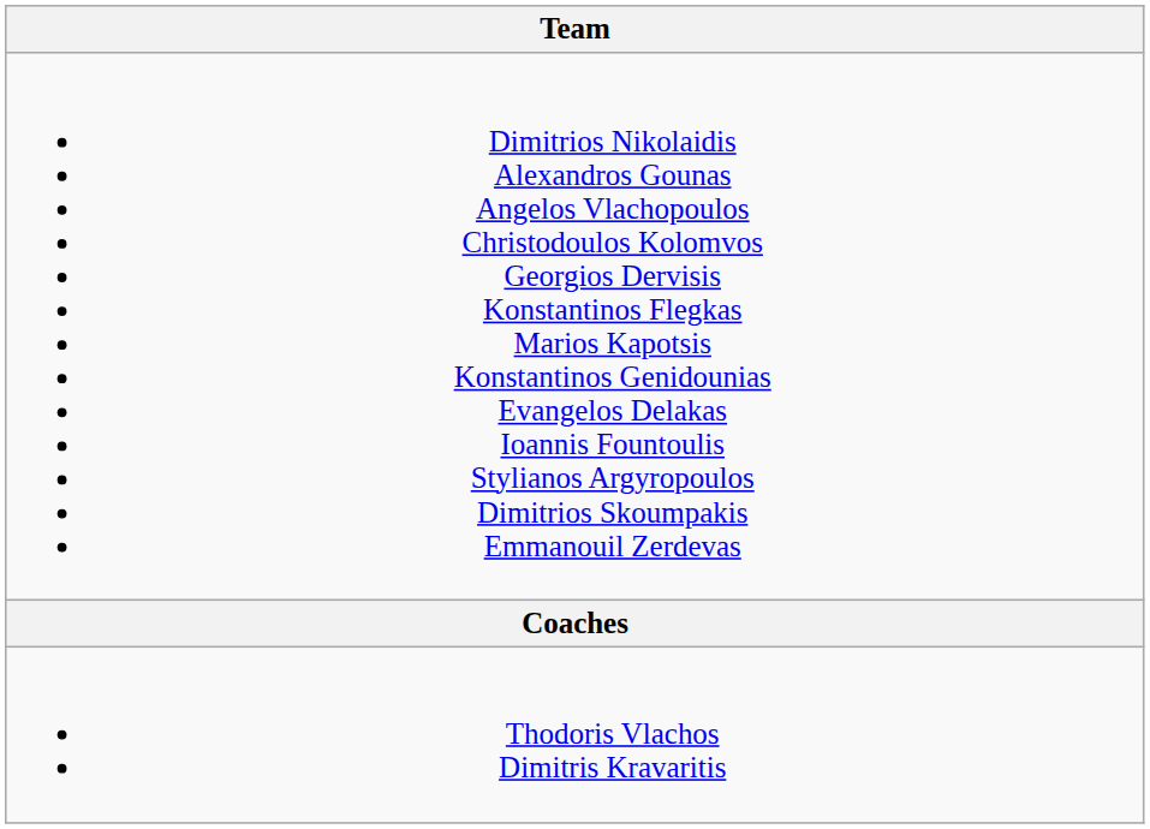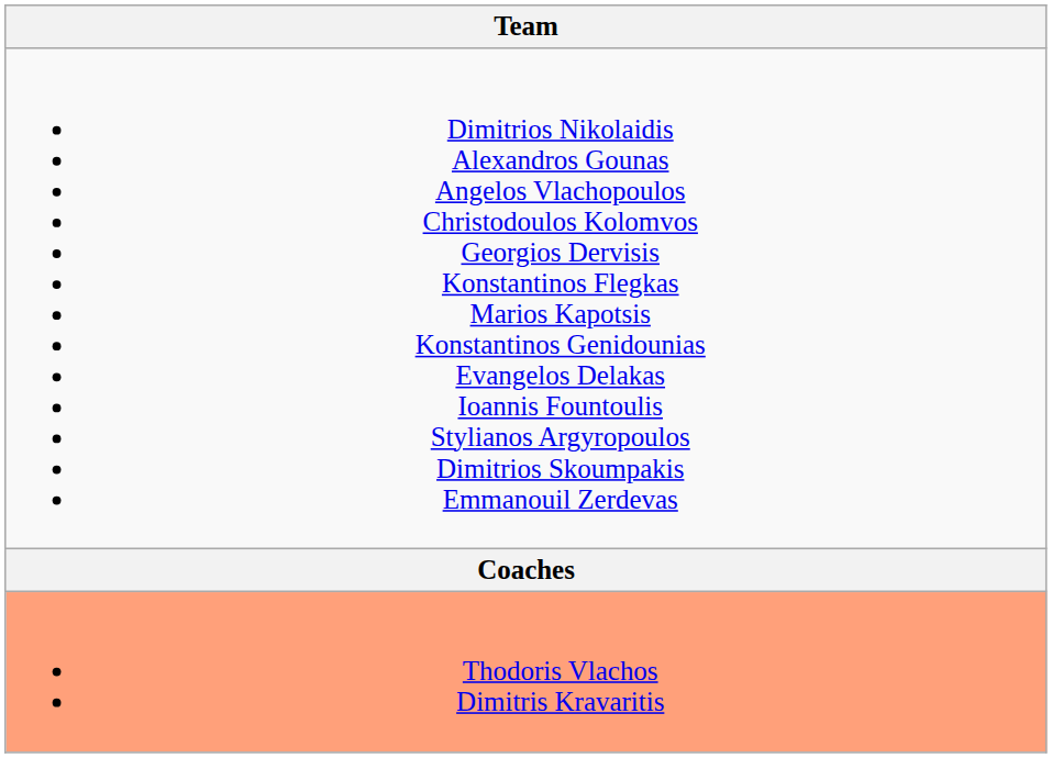 <table class="wikitable" style="text-align: center;">
 <tr>
 <th width=600>Team</th>
 </tr>
 <tr>
 <td><br><ul><li><a href='#'>Dimitrios Nikolaidis</a></li><li><a href='#'>Alexandros Gounas</a></li><li><a href='#'>Angelos Vlachopoulos</a></li><li><a href='#'>Christodoulos Kolomvos</a></li><li><a href='#'>Georgios Dervisis</a></li><li><a href='#'>Konstantinos Flegkas</a></li><li><a href='#'>Marios Kapotsis</a></li><li><a href='#'>Konstantinos Genidounias</a></li><li><a href='#'>Evangelos Delakas</a></li><li><a href='#'>Ioannis Fountoulis</a></li><li><a href='#'>Stylianos Argyropoulos</a></li><li><a href='#'>Dimitrios Skoumpakis</a></li><li><a href='#'>Emmanouil Zerdevas</a></li></ul></td>
 </tr>
 <tr>
 <th width=600>Coaches</th>
 </tr>
 <tr>
-<td><br><ul><li> <a href='#'>Thodoris Vlachos</a></li><li> <a href='#'>Dimitris Kravaritis</a></li></ul></td>
+<td style="background: lightsalmon;"><br><ul><li> <a href='#'>Thodoris Vlachos</a></li><li> <a href='#'>Dimitris Kravaritis</a></li></ul></td>
 </tr>
 </table>
